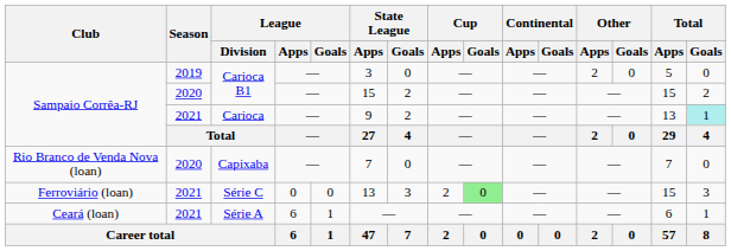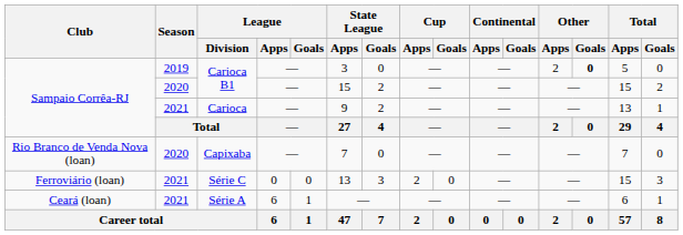 <table class="wikitable" style="text-align: center;">
 <tr>
 <th rowspan="2">Club</th>
 <th rowspan="2">Season</th>
 <th colspan="3">League</th>
 <th colspan="2">State League</th>
 <th colspan="2">Cup</th>
 <th colspan="2">Continental</th>
 <th colspan="2">Other</th>
 <th colspan="2">Total</th>
 </tr>
 <tr>
 <th>Division</th>
 <th>Apps</th>
 <th>Goals</th>
 <th>Apps</th>
 <th>Goals</th>
 <th>Apps</th>
 <th>Goals</th>
 <th>Apps</th>
 <th>Goals</th>
 <th>Apps</th>
 <th>Goals</th>
 <th>Apps</th>
 <th>Goals</th>
 </tr>
 <tr>
 <td rowspan="4" valign="center"><a href='#'>Sampaio Corrêa-RJ</a></td>
 <td><a href='#'>2019</a></td>
 <td rowspan="2"><a href='#'>Carioca B1</a></td>
 <td colspan="2">—</td>
 <td>3</td>
 <td>0</td>
 <td colspan="2">—</td>
 <td colspan="2">—</td>
 <td>2</td>
-<td>0</td>
+<td><strong>0</strong></td>
 <td>5</td>
 <td>0</td>
 </tr>
 <tr>
 <td><a href='#'>2020</a></td>
 <td colspan="2">—</td>
 <td>15</td>
 <td>2</td>
 <td colspan="2">—</td>
 <td colspan="2">—</td>
 <td colspan="2">—</td>
 <td>15</td>
 <td>2</td>
 </tr>
 <tr>
 <td><a href='#'>2021</a></td>
 <td><a href='#'>Carioca</a></td>
 <td colspan="2">—</td>
 <td>9</td>
 <td>2</td>
 <td colspan="2">—</td>
 <td colspan="2">—</td>
 <td colspan="2">—</td>
 <td>13</td>
-<td style="background: paleturquoise;">1</td>
+<td>1</td>
 </tr>
 <tr>
 <th colspan="2">Total</th>
 <th colspan="2">—</th>
 <th>27</th>
 <th>4</th>
 <th colspan="2">—</th>
 <th colspan="2">—</th>
 <th>2</th>
 <th>0</th>
 <th>29</th>
 <th>4</th>
 </tr>
 <tr>
 <td valign="center"><a href='#'>Rio Branco de Venda Nova</a> (loan)</td>
 <td><a href='#'>2020</a></td>
 <td><a href='#'>Capixaba</a></td>
 <td colspan="2">—</td>
 <td>7</td>
 <td>0</td>
 <td colspan="2">—</td>
 <td colspan="2">—</td>
 <td colspan="2">—</td>
 <td>7</td>
 <td>0</td>
 </tr>
 <tr>
 <td valign="center"><a href='#'>Ferroviário</a> (loan)</td>
 <td><a href='#'>2021</a></td>
 <td><a href='#'>Série C</a></td>
 <td>0</td>
 <td>0</td>
 <td>13</td>
 <td>3</td>
 <td>2</td>
-<td style="background: lightgreen;">0</td>
+<td>0</td>
 <td colspan="2">—</td>
 <td colspan="2">—</td>
 <td>15</td>
 <td>3</td>
 </tr>
 <tr>
 <td valign="center"><a href='#'>Ceará</a> (loan)</td>
 <td><a href='#'>2021</a></td>
 <td><a href='#'>Série A</a></td>
 <td>6</td>
 <td>1</td>
 <td colspan="2">—</td>
 <td colspan="2">—</td>
 <td colspan="2">—</td>
 <td colspan="2">—</td>
 <td>6</td>
 <td>1</td>
 </tr>
 <tr>
 <th colspan="3"><strong>Career total</strong></th>
 <th>6</th>
 <th>1</th>
 <th>47</th>
 <th>7</th>
 <th>2</th>
 <th>0</th>
 <th>0</th>
 <th>0</th>
 <th>2</th>
 <th>0</th>
 <th>57</th>
 <th>8</th>
 </tr>
 </table>
